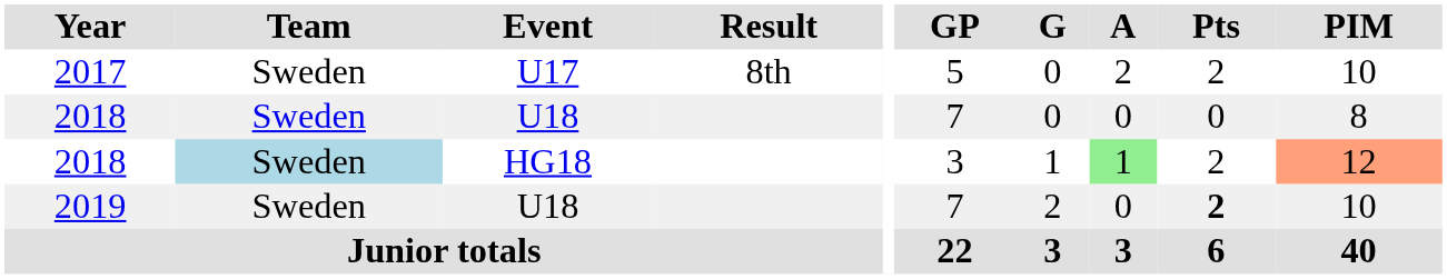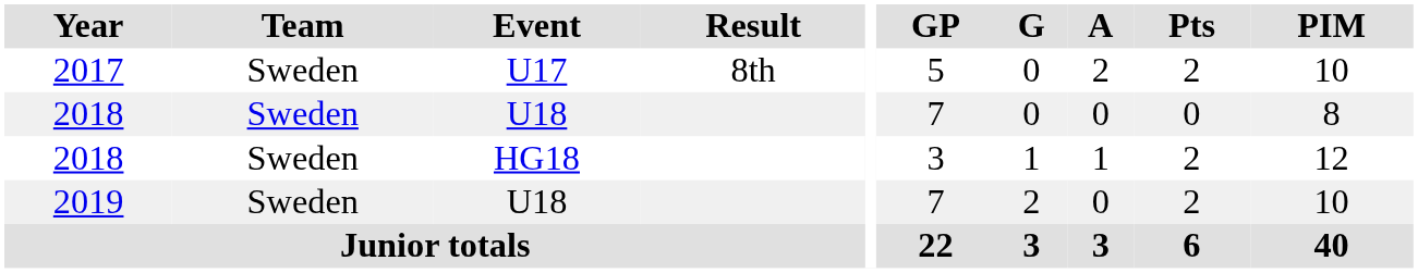 <table border="0" cellpadding="1" cellspacing="0" ID="Table3" style="text-align:center; width:40em">
 <tr ALIGN="center" bgcolor="#e0e0e0">
 <th>Year</th>
 <th>Team</th>
 <th>Event</th>
 <th>Result</th>
 <th rowspan="99" bgcolor="#ffffff"></th>
 <th>GP</th>
 <th>G</th>
 <th>A</th>
 <th>Pts</th>
 <th>PIM</th>
 </tr>
 <tr>
 <td><a href='#'>2017</a></td>
 <td>Sweden</td>
 <td><a href='#'>U17</a></td>
 <td>8th</td>
 <td>5</td>
 <td>0</td>
 <td>2</td>
 <td>2</td>
 <td>10</td>
 </tr>
 <tr style="background:#f0f0f0;">
 <td><a href='#'>2018</a></td>
 <td><a href='#'>Sweden</a></td>
 <td><a href='#'>U18</a></td>
 <td></td>
 <td>7</td>
 <td>0</td>
 <td>0</td>
 <td>0</td>
 <td>8</td>
 </tr>
 <tr>
 <td><a href='#'>2018</a></td>
-<td style="background: lightblue;">Sweden</td>
+<td>Sweden</td>
 <td><a href='#'>HG18</a></td>
 <td></td>
 <td>3</td>
 <td>1</td>
-<td style="background: lightgreen;">1</td>
+<td>1</td>
 <td>2</td>
-<td style="background: lightsalmon;">12</td>
+<td>12</td>
 </tr>
 <tr style="background:#f0f0f0;">
 <td><a href='#'>2019</a></td>
 <td>Sweden</td>
 <td>U18</td>
 <td></td>
 <td>7</td>
 <td>2</td>
 <td>0</td>
-<td><strong>2</strong></td>
+<td>2</td>
 <td>10</td>
 </tr>
 <tr ALIGN="center" bgcolor="#e0e0e0">
 <th colspan=4>Junior totals</th>
 <th>22</th>
 <th>3</th>
 <th>3</th>
 <th>6</th>
 <th>40</th>
 </tr>
 </table>
